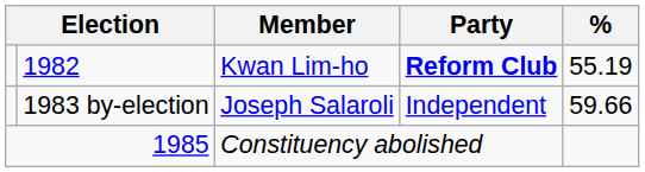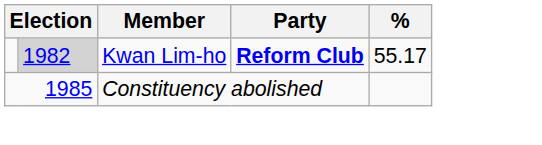 <table class="wikitable">
 <tr>
 <th colspan="2">Election</th>
 <th>Member</th>
 <th>Party</th>
 <th>%</th>
 </tr>
 <tr>
 <td style="background-color: "></td>
-<td><a href='#'>1982</a></td>
+<td style="background: lightgrey;"><a href='#'>1982</a></td>
 <td><a href='#'>Kwan Lim-ho</a></td>
 <td><strong><a href='#'>Reform Club</a></strong></td>
-<td>55.19</td>
-</tr>
-<tr>
-<td style="background-color: "></td>
-<td>1983 by-election</td>
-<td><a href='#'>Joseph Salaroli</a></td>
-<td><a href='#'>Independent</a></td>
-<td>59.66</td>
+<td>55.17</td>
 </tr>
 <tr>
 <td colspan=2 align=right><a href='#'>1985</a></td>
 <td colspan=2><em>Constituency abolished</em></td>
 </tr>
 </table>
